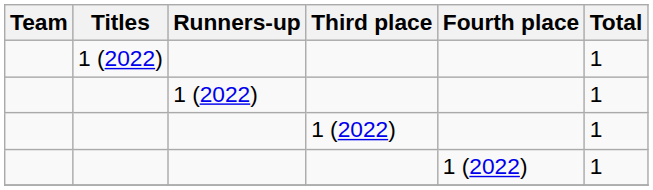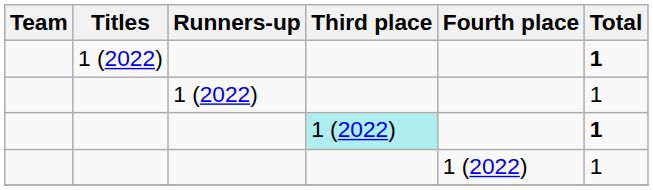 <table class="wikitable sortable">
 <tr>
 <th>Team</th>
 <th>Titles</th>
 <th>Runners-up</th>
 <th>Third place</th>
 <th>Fourth place</th>
 <th>Total</th>
 </tr>
 <tr>
 <td></td>
 <td>1 (<a href='#'>2022</a>)</td>
 <td></td>
 <td></td>
 <td></td>
-<td>1</td>
+<td><strong>1</strong></td>
 </tr>
 <tr>
 <td></td>
 <td></td>
 <td>1 (<a href='#'>2022</a>)</td>
 <td></td>
 <td></td>
 <td>1</td>
 </tr>
 <tr>
 <td></td>
 <td></td>
 <td></td>
-<td>1 (<a href='#'>2022</a>)</td>
+<td style="background: paleturquoise;">1 (<a href='#'>2022</a>)</td>
 <td></td>
-<td>1</td>
+<td><strong>1</strong></td>
 </tr>
 <tr>
 <td></td>
 <td></td>
 <td></td>
 <td></td>
 <td>1 (<a href='#'>2022</a>)</td>
 <td>1</td>
 </tr>
 <tr>
 </tr>
 </table>
